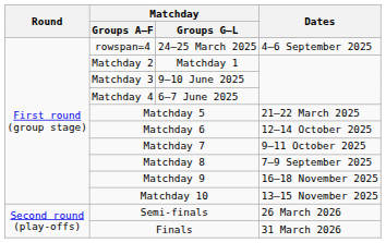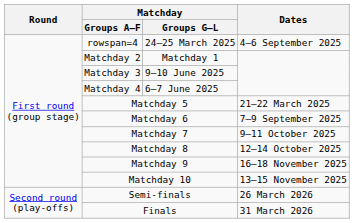 <table class="wikitable" style="text-align:center">
 <tr>
 <th rowspan=2>Round</th>
 <th colspan=2>Matchday</th>
 <th rowspan=2>Dates</th>
 </tr>
 <tr>
 <th>Groups A–F</th>
 <th>Groups G–L</th>
 </tr>
 <tr>
 <td rowspan=10><a href='#'>First round</a><br>(group stage)</td>
 <td>rowspan=4 </td>
 <td style="text-align:left">24–25 March 2025</td>
 <td style="text-align:left">4–6 September 2025</td>
 </tr>
 <tr>
 <td>Matchday 2</td>
 <td>Matchday 1</td>
 </tr>
 <tr>
 <td>Matchday 3</td>
 <td style="text-align:left">9–10 June 2025</td>
 </tr>
 <tr>
 <td>Matchday 4</td>
 <td style="text-align:left">6–7 June 2025</td>
 </tr>
 <tr>
 <td colspan=2>Matchday 5</td>
 <td style="text-align:left">21–22 March 2025</td>
 </tr>
 <tr>
 <td colspan=2>Matchday 6</td>
-<td style="text-align:left">12–14 October 2025</td>
+<td style="text-align:left">7–9 September 2025</td>
 </tr>
 <tr>
 <td colspan=2>Matchday 7</td>
 <td style="text-align:left">9–11 October 2025</td>
 </tr>
 <tr>
 <td colspan=2>Matchday 8</td>
-<td style="text-align:left">7–9 September 2025</td>
+<td style="text-align:left">12–14 October 2025</td>
 </tr>
 <tr>
 <td colspan=2>Matchday 9</td>
 <td style="text-align:left">16–18 November 2025</td>
 </tr>
 <tr>
 <td colspan=2>Matchday 10</td>
 <td style="text-align:left">13–15 November 2025</td>
 </tr>
 <tr>
 <td rowspan=2><a href='#'>Second round</a><br>(play-offs)</td>
 <td colspan=2>Semi-finals</td>
 <td style="text-align:left">26 March 2026</td>
 </tr>
 <tr>
 <td colspan=2>Finals</td>
 <td style="text-align:left">31 March 2026</td>
 </tr>
 </table>
